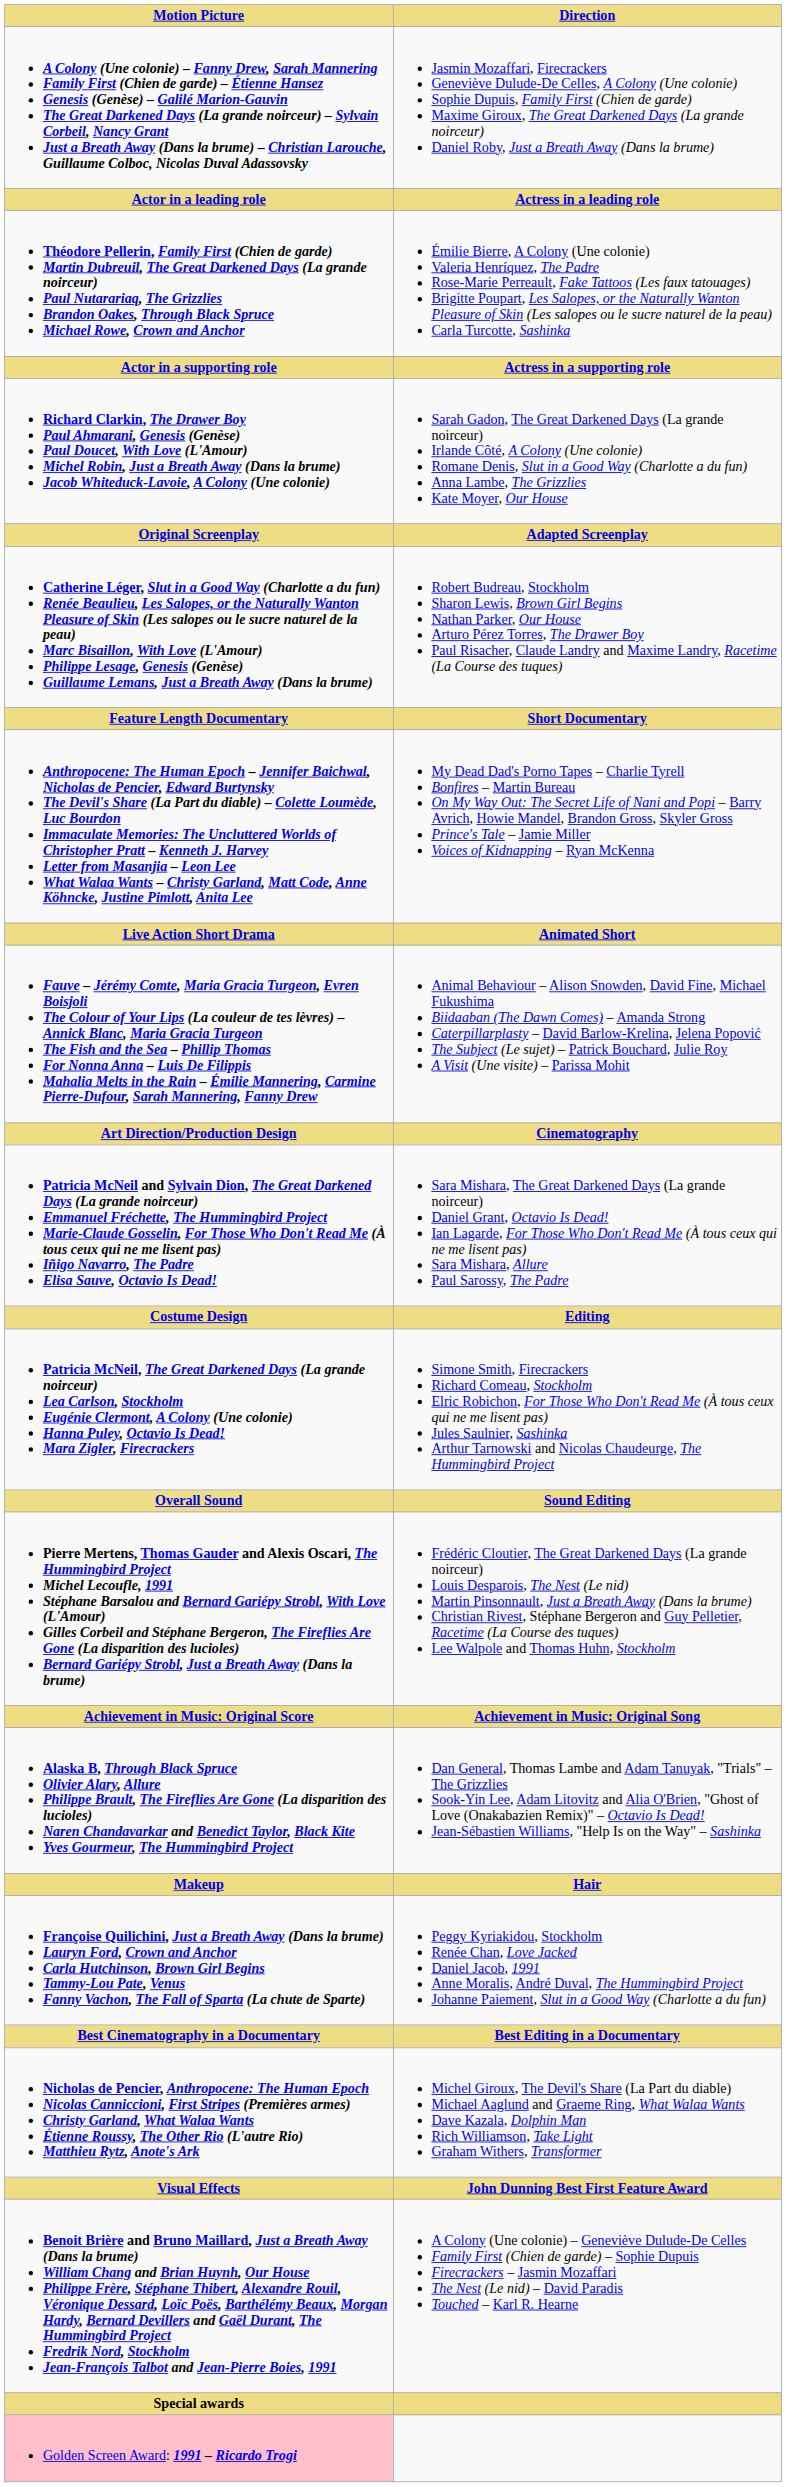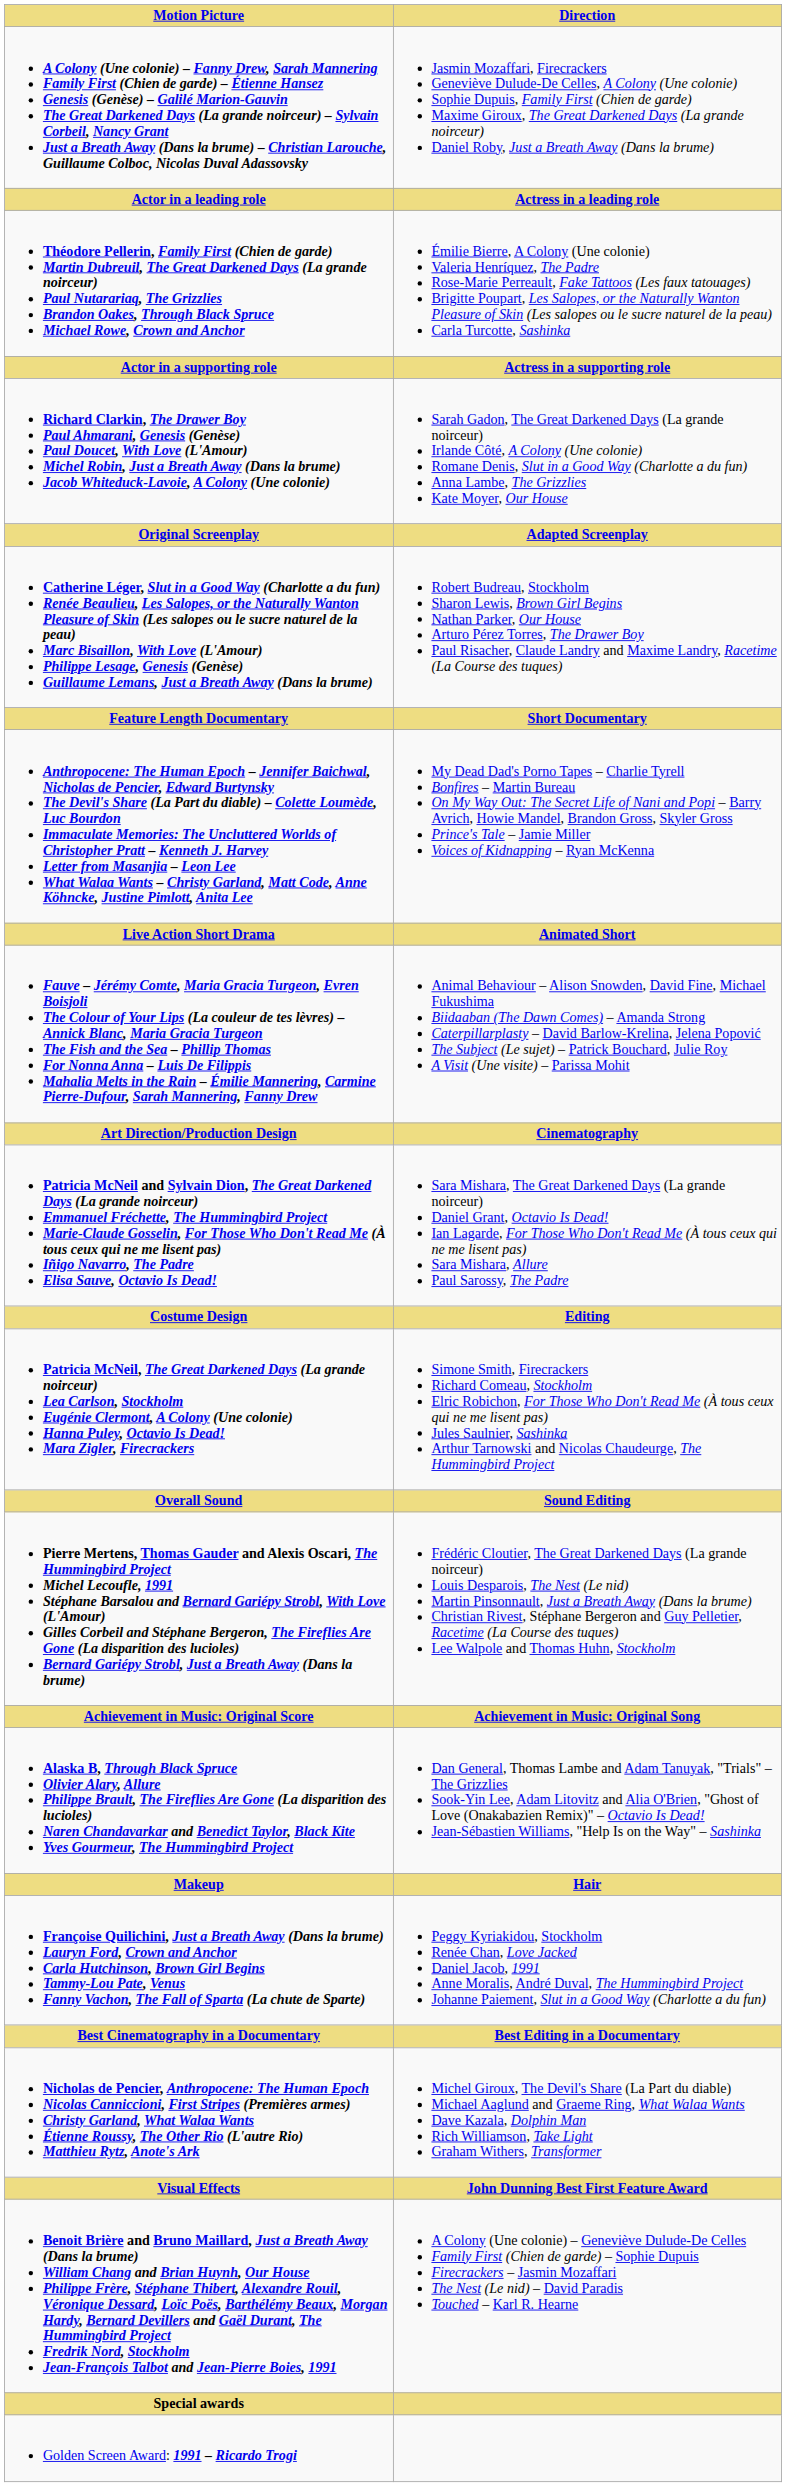 <table class=wikitable width="100%">
 <tr>
 <th style="background:#EEDD82; width:50%"><a href='#'>Motion Picture</a></th>
 <th style="background:#EEDD82; width:50%"><a href='#'>Direction</a></th>
 </tr>
 <tr>
 <td valign="top"><br><ul><li> <strong><em><a href='#'>A Colony</a> (Une colonie)<em> – <a href='#'>Fanny Drew</a>, <a href='#'>Sarah Mannering</a><strong></li><li></em><a href='#'>Family First</a> (Chien de garde)<em> – <a href='#'>Étienne Hansez</a></li><li></em><a href='#'>Genesis</a> (Genèse)<em> – <a href='#'>Galilé Marion-Gauvin</a></li><li></em><a href='#'>The Great Darkened Days</a> (La grande noirceur)<em> – <a href='#'>Sylvain Corbeil</a>, <a href='#'>Nancy Grant</a></li><li></em><a href='#'>Just a Breath Away</a> (Dans la brume)<em> – <a href='#'>Christian Larouche</a>, Guillaume Colboc, Nicolas Duval Adassovsky</li></ul></td>
 <td valign="top"><br><ul><li> </strong><a href='#'>Jasmin Mozaffari</a>, </em><a href='#'>Firecrackers</a></em></strong></li><li><a href='#'>Geneviève Dulude-De Celles</a>, <em><a href='#'>A Colony</a> (Une colonie)</em></li><li><a href='#'>Sophie Dupuis</a>, <em><a href='#'>Family First</a> (Chien de garde)</em></li><li><a href='#'>Maxime Giroux</a>, <em><a href='#'>The Great Darkened Days</a> (La grande noirceur)</em></li><li><a href='#'>Daniel Roby</a>, <em><a href='#'>Just a Breath Away</a> (Dans la brume)</em></li></ul></td>
 </tr>
 <tr>
 <th style="background:#EEDD82; width:50%"><a href='#'>Actor in a leading role</a></th>
 <th style="background:#EEDD82; width:50%"><a href='#'>Actress in a leading role</a></th>
 </tr>
 <tr>
 <td valign="top"><br><ul><li> <strong><a href='#'>Théodore Pellerin</a>, <em><a href='#'>Family First</a> (Chien de garde)<strong><em></li><li><a href='#'>Martin Dubreuil</a>, </em><a href='#'>The Great Darkened Days</a> (La grande noirceur)<em></li><li><a href='#'>Paul Nutarariaq</a>, </em><a href='#'>The Grizzlies</a><em></li><li><a href='#'>Brandon Oakes</a>, </em><a href='#'>Through Black Spruce</a><em></li><li><a href='#'>Michael Rowe</a>, </em><a href='#'>Crown and Anchor</a><em></li></ul></td>
 <td valign="top"><br><ul><li> </strong><a href='#'>Émilie Bierre</a>, </em><a href='#'>A Colony</a> (Une colonie)</em></strong></li><li><a href='#'>Valeria Henríquez</a>, <em><a href='#'>The Padre</a></em></li><li><a href='#'>Rose-Marie Perreault</a>, <em><a href='#'>Fake Tattoos</a> (Les faux tatouages)</em></li><li><a href='#'>Brigitte Poupart</a>, <em><a href='#'>Les Salopes, or the Naturally Wanton Pleasure of Skin</a> (Les salopes ou le sucre naturel de la peau)</em></li><li><a href='#'>Carla Turcotte</a>, <em><a href='#'>Sashinka</a></em></li></ul></td>
 </tr>
 <tr>
 <th style="background:#EEDD82; width:50%"><a href='#'>Actor in a supporting role</a></th>
 <th style="background:#EEDD82; width:50%"><a href='#'>Actress in a supporting role</a></th>
 </tr>
 <tr>
 <td valign="top"><br><ul><li> <strong><a href='#'>Richard Clarkin</a>, <em><a href='#'>The Drawer Boy</a><strong><em></li><li><a href='#'>Paul Ahmarani</a>, </em><a href='#'>Genesis</a> (Genèse)<em></li><li><a href='#'>Paul Doucet</a>, </em><a href='#'>With Love</a> (L'Amour)<em></li><li><a href='#'>Michel Robin</a>, </em><a href='#'>Just a Breath Away</a> (Dans la brume)<em></li><li><a href='#'>Jacob Whiteduck-Lavoie</a>, </em><a href='#'>A Colony</a> (Une colonie)<em></li></ul></td>
 <td valign="top"><br><ul><li> </strong><a href='#'>Sarah Gadon</a>, </em><a href='#'>The Great Darkened Days</a> (La grande noirceur)</em></strong></li><li><a href='#'>Irlande Côté</a>, <em><a href='#'>A Colony</a> (Une colonie)</em></li><li><a href='#'>Romane Denis</a>, <em><a href='#'>Slut in a Good Way</a> (Charlotte a du fun)</em></li><li><a href='#'>Anna Lambe</a>, <em><a href='#'>The Grizzlies</a></em></li><li><a href='#'>Kate Moyer</a>, <em><a href='#'>Our House</a></em></li></ul></td>
 </tr>
 <tr>
 <th style="background:#EEDD82; width:50%"><a href='#'>Original Screenplay</a></th>
 <th style="background:#EEDD82; width:50%"><a href='#'>Adapted Screenplay</a></th>
 </tr>
 <tr>
 <td valign="top"><br><ul><li> <strong><a href='#'>Catherine Léger</a>, <em><a href='#'>Slut in a Good Way</a> (Charlotte a du fun)<strong><em></li><li><a href='#'>Renée Beaulieu</a>, </em><a href='#'>Les Salopes, or the Naturally Wanton Pleasure of Skin</a> (Les salopes ou le sucre naturel de la peau)<em></li><li><a href='#'>Marc Bisaillon</a>, </em><a href='#'>With Love</a> (L'Amour)<em></li><li><a href='#'>Philippe Lesage</a>, </em><a href='#'>Genesis</a> (Genèse)<em></li><li><a href='#'>Guillaume Lemans</a>, </em><a href='#'>Just a Breath Away</a> (Dans la brume)<em></li></ul></td>
 <td valign="top"><br><ul><li> </strong><a href='#'>Robert Budreau</a>, </em><a href='#'>Stockholm</a></em></strong></li><li><a href='#'>Sharon Lewis</a>, <em><a href='#'>Brown Girl Begins</a></em></li><li><a href='#'>Nathan Parker</a>, <em><a href='#'>Our House</a></em></li><li><a href='#'>Arturo Pérez Torres</a>, <em><a href='#'>The Drawer Boy</a></em></li><li><a href='#'>Paul Risacher</a>, <a href='#'>Claude Landry</a> and <a href='#'>Maxime Landry</a>, <em><a href='#'>Racetime</a> (La Course des tuques)</em></li></ul></td>
 </tr>
 <tr>
 <th style="background:#EEDD82; width:50%"><a href='#'>Feature Length Documentary</a></th>
 <th style="background:#EEDD82; width:50%"><a href='#'>Short Documentary</a></th>
 </tr>
 <tr>
 <td valign="top"><br><ul><li> <strong><em><a href='#'>Anthropocene: The Human Epoch</a><em> – <a href='#'>Jennifer Baichwal</a>, <a href='#'>Nicholas de Pencier</a>, <a href='#'>Edward Burtynsky</a><strong></li><li></em><a href='#'>The Devil's Share</a> (La Part du diable)<em> – <a href='#'>Colette Loumède</a>, <a href='#'>Luc Bourdon</a></li><li></em><a href='#'>Immaculate Memories: The Uncluttered Worlds of Christopher Pratt</a><em> – <a href='#'>Kenneth J. Harvey</a></li><li></em><a href='#'>Letter from Masanjia</a><em> – <a href='#'>Leon Lee</a></li><li></em><a href='#'>What Walaa Wants</a><em> – <a href='#'>Christy Garland</a>, <a href='#'>Matt Code</a>, <a href='#'>Anne Köhncke</a>, <a href='#'>Justine Pimlott</a>, <a href='#'>Anita Lee</a></li></ul></td>
 <td valign="top"><br><ul><li> </em></strong><a href='#'>My Dead Dad's Porno Tapes</a></em> – <a href='#'>Charlie Tyrell</a></strong></li><li><em><a href='#'>Bonfires</a></em> – <a href='#'>Martin Bureau</a></li><li><em><a href='#'>On My Way Out: The Secret Life of Nani and Popi</a></em> – <a href='#'>Barry Avrich</a>, <a href='#'>Howie Mandel</a>, <a href='#'>Brandon Gross</a>, <a href='#'>Skyler Gross</a></li><li><em><a href='#'>Prince's Tale</a></em> – <a href='#'>Jamie Miller</a></li><li><em><a href='#'>Voices of Kidnapping</a></em> – <a href='#'>Ryan McKenna</a></li></ul></td>
 </tr>
 <tr>
 <th style="background:#EEDD82; width:50%"><a href='#'>Live Action Short Drama</a></th>
 <th style="background:#EEDD82; width:50%"><a href='#'>Animated Short</a></th>
 </tr>
 <tr>
 <td valign="top"><br><ul><li> <strong><em><a href='#'>Fauve</a><em> – <a href='#'>Jérémy Comte</a>, <a href='#'>Maria Gracia Turgeon</a>, <a href='#'>Evren Boisjoli</a><strong></li><li></em><a href='#'>The Colour of Your Lips</a> (La couleur de tes lèvres)<em> – <a href='#'>Annick Blanc</a>, <a href='#'>Maria Gracia Turgeon</a></li><li></em><a href='#'>The Fish and the Sea</a><em> – <a href='#'>Phillip Thomas</a></li><li></em><a href='#'>For Nonna Anna</a><em> – <a href='#'>Luis De Filippis</a></li><li></em><a href='#'>Mahalia Melts in the Rain</a><em> – <a href='#'>Émilie Mannering</a>, <a href='#'>Carmine Pierre-Dufour</a>, <a href='#'>Sarah Mannering</a>, <a href='#'>Fanny Drew</a></li></ul></td>
 <td valign="top"><br><ul><li> </em></strong><a href='#'>Animal Behaviour</a></em> – <a href='#'>Alison Snowden</a>, <a href='#'>David Fine</a>, <a href='#'>Michael Fukushima</a></strong></li><li><em><a href='#'>Biidaaban (The Dawn Comes)</a></em> – <a href='#'>Amanda Strong</a></li><li><em><a href='#'>Caterpillarplasty</a></em> – <a href='#'>David Barlow-Krelina</a>, <a href='#'>Jelena Popović</a></li><li><em><a href='#'>The Subject</a> (Le sujet)</em> – <a href='#'>Patrick Bouchard</a>, <a href='#'>Julie Roy</a></li><li><em><a href='#'>A Visit</a> (Une visite)</em> – <a href='#'>Parissa Mohit</a></li></ul></td>
 </tr>
 <tr>
 <th style="background:#EEDD82; width:50%"><a href='#'>Art Direction/Production Design</a></th>
 <th style="background:#EEDD82; width:50%"><a href='#'>Cinematography</a></th>
 </tr>
 <tr>
 <td valign="top"><br><ul><li> <strong><a href='#'>Patricia McNeil</a> and <a href='#'>Sylvain Dion</a>, <em><a href='#'>The Great Darkened Days</a> (La grande noirceur)<strong><em></li><li><a href='#'>Emmanuel Fréchette</a>, </em><a href='#'>The Hummingbird Project</a><em></li><li><a href='#'>Marie-Claude Gosselin</a>, </em><a href='#'>For Those Who Don't Read Me</a> (À tous ceux qui ne me lisent pas)<em></li><li><a href='#'>Iñigo Navarro</a>, </em><a href='#'>The Padre</a><em></li><li><a href='#'>Elisa Sauve</a>, </em><a href='#'>Octavio Is Dead!</a><em></li></ul></td>
 <td valign="top"><br><ul><li> </strong><a href='#'>Sara Mishara</a>, </em><a href='#'>The Great Darkened Days</a> (La grande noirceur)</em></strong></li><li><a href='#'>Daniel Grant</a>, <em><a href='#'>Octavio Is Dead!</a></em></li><li><a href='#'>Ian Lagarde</a>, <em><a href='#'>For Those Who Don't Read Me</a> (À tous ceux qui ne me lisent pas)</em></li><li><a href='#'>Sara Mishara</a>, <em><a href='#'>Allure</a></em></li><li><a href='#'>Paul Sarossy</a>, <em><a href='#'>The Padre</a></em></li></ul></td>
 </tr>
 <tr>
 <th style="background:#EEDD82; width:50%"><a href='#'>Costume Design</a></th>
 <th style="background:#EEDD82; width:50%"><a href='#'>Editing</a></th>
 </tr>
 <tr>
 <td valign="top"><br><ul><li> <strong><a href='#'>Patricia McNeil</a>, <em><a href='#'>The Great Darkened Days</a> (La grande noirceur)<strong><em></li><li><a href='#'>Lea Carlson</a>, </em><a href='#'>Stockholm</a><em></li><li><a href='#'>Eugénie Clermont</a>, </em><a href='#'>A Colony</a> (Une colonie)<em></li><li><a href='#'>Hanna Puley</a>, </em><a href='#'>Octavio Is Dead!</a><em></li><li><a href='#'>Mara Zigler</a>, </em><a href='#'>Firecrackers</a><em></li></ul></td>
 <td valign="top"><br><ul><li> </strong><a href='#'>Simone Smith</a>, </em><a href='#'>Firecrackers</a></em></strong></li><li><a href='#'>Richard Comeau</a>, <em><a href='#'>Stockholm</a></em></li><li><a href='#'>Elric Robichon</a>, <em><a href='#'>For Those Who Don't Read Me</a> (À tous ceux qui ne me lisent pas)</em></li><li><a href='#'>Jules Saulnier</a>, <em><a href='#'>Sashinka</a></em></li><li><a href='#'>Arthur Tarnowski</a> and <a href='#'>Nicolas Chaudeurge</a>, <em><a href='#'>The Hummingbird Project</a></em></li></ul></td>
 </tr>
 <tr>
 <th style="background:#EEDD82; width:50%"><a href='#'>Overall Sound</a></th>
 <th style="background:#EEDD82; width:50%"><a href='#'>Sound Editing</a></th>
 </tr>
 <tr>
 <td valign="top"><br><ul><li> <strong>Pierre Mertens, <a href='#'>Thomas Gauder</a> and Alexis Oscari, <em><a href='#'>The Hummingbird Project</a><strong><em></li><li>Michel Lecoufle, </em><a href='#'>1991</a><em></li><li>Stéphane Barsalou and <a href='#'>Bernard Gariépy Strobl</a>, </em><a href='#'>With Love</a> (L'Amour)<em></li><li>Gilles Corbeil and Stéphane Bergeron, </em><a href='#'>The Fireflies Are Gone</a> (La disparition des lucioles)<em></li><li><a href='#'>Bernard Gariépy Strobl</a>, </em><a href='#'>Just a Breath Away</a> (Dans la brume)<em></li></ul></td>
 <td valign="top"><br><ul><li> </strong><a href='#'>Frédéric Cloutier</a>, </em><a href='#'>The Great Darkened Days</a> (La grande noirceur)</em></strong></li><li><a href='#'>Louis Desparois</a>, <em><a href='#'>The Nest</a> (Le nid)</em></li><li><a href='#'>Martin Pinsonnault</a>, <em><a href='#'>Just a Breath Away</a> (Dans la brume)</em></li><li><a href='#'>Christian Rivest</a>, Stéphane Bergeron and <a href='#'>Guy Pelletier</a>, <em><a href='#'>Racetime</a> (La Course des tuques)</em></li><li><a href='#'>Lee Walpole</a> and <a href='#'>Thomas Huhn</a>, <em><a href='#'>Stockholm</a></em></li></ul></td>
 </tr>
 <tr>
 <th style="background:#EEDD82; width:50%"><a href='#'>Achievement in Music: Original Score</a></th>
 <th style="background:#EEDD82; width:50%"><a href='#'>Achievement in Music: Original Song</a></th>
 </tr>
 <tr>
 <td valign="top"><br><ul><li> <strong><a href='#'>Alaska B</a>, <em><a href='#'>Through Black Spruce</a><strong><em></li><li><a href='#'>Olivier Alary</a>, </em><a href='#'>Allure</a><em></li><li><a href='#'>Philippe Brault</a>, </em><a href='#'>The Fireflies Are Gone</a> (La disparition des lucioles)<em></li><li><a href='#'>Naren Chandavarkar</a> and <a href='#'>Benedict Taylor</a>, </em><a href='#'>Black Kite</a><em></li><li><a href='#'>Yves Gourmeur</a>, </em><a href='#'>The Hummingbird Project</a><em></li></ul></td>
 <td valign="top"><br><ul><li> </strong><a href='#'>Dan General</a>, Thomas Lambe and <a href='#'>Adam Tanuyak</a>, "Trials" – </em><a href='#'>The Grizzlies</a></em></strong></li><li><a href='#'>Sook-Yin Lee</a>, <a href='#'>Adam Litovitz</a> and <a href='#'>Alia O'Brien</a>, "Ghost of Love (Onakabazien Remix)" – <em><a href='#'>Octavio Is Dead!</a></em></li><li><a href='#'>Jean-Sébastien Williams</a>, "Help Is on the Way" – <em><a href='#'>Sashinka</a></em></li></ul></td>
 </tr>
 <tr>
 <th style="background:#EEDD82; width:50%"><a href='#'>Makeup</a></th>
 <th style="background:#EEDD82; width:50%"><a href='#'>Hair</a></th>
 </tr>
 <tr>
 <td valign="top"><br><ul><li> <strong><a href='#'>Françoise Quilichini</a>, <em><a href='#'>Just a Breath Away</a> (Dans la brume)<strong><em></li><li><a href='#'>Lauryn Ford</a>, </em><a href='#'>Crown and Anchor</a><em></li><li><a href='#'>Carla Hutchinson</a>, </em><a href='#'>Brown Girl Begins</a><em></li><li><a href='#'>Tammy-Lou Pate</a>, </em><a href='#'>Venus</a><em></li><li><a href='#'>Fanny Vachon</a>, </em><a href='#'>The Fall of Sparta</a> (La chute de Sparte)<em></li></ul></td>
 <td valign="top"><br><ul><li> </strong><a href='#'>Peggy Kyriakidou</a>, </em><a href='#'>Stockholm</a></em></strong></li><li><a href='#'>Renée Chan</a>, <em><a href='#'>Love Jacked</a></em></li><li><a href='#'>Daniel Jacob</a>, <em><a href='#'>1991</a></em></li><li><a href='#'>Anne Moralis</a>, <a href='#'>André Duval</a>, <em><a href='#'>The Hummingbird Project</a></em></li><li><a href='#'>Johanne Paiement</a>, <em><a href='#'>Slut in a Good Way</a> (Charlotte a du fun)</em></li></ul></td>
 </tr>
 <tr>
 <th style="background:#EEDD82; width:50%"><a href='#'>Best Cinematography in a Documentary</a></th>
 <th style="background:#EEDD82; width:50%"><a href='#'>Best Editing in a Documentary</a></th>
 </tr>
 <tr>
 <td valign="top"><br><ul><li> <strong><a href='#'>Nicholas de Pencier</a>, <em><a href='#'>Anthropocene: The Human Epoch</a><strong><em></li><li><a href='#'>Nicolas Canniccioni</a>, </em><a href='#'>First Stripes</a> (Premières armes)<em></li><li><a href='#'>Christy Garland</a>, </em><a href='#'>What Walaa Wants</a><em></li><li><a href='#'>Étienne Roussy</a>, </em><a href='#'>The Other Rio</a> (L'autre Rio)<em></li><li><a href='#'>Matthieu Rytz</a>, </em><a href='#'>Anote's Ark</a><em></li></ul></td>
 <td valign="top"><br><ul><li> </strong><a href='#'>Michel Giroux</a>, </em><a href='#'>The Devil's Share</a> (La Part du diable)</em></strong></li><li><a href='#'>Michael Aaglund</a> and <a href='#'>Graeme Ring</a>, <em><a href='#'>What Walaa Wants</a></em></li><li><a href='#'>Dave Kazala</a>, <em><a href='#'>Dolphin Man</a></em></li><li><a href='#'>Rich Williamson</a>, <em><a href='#'>Take Light</a></em></li><li><a href='#'>Graham Withers</a>, <em><a href='#'>Transformer</a></em></li></ul></td>
 </tr>
 <tr>
 <th style="background:#EEDD82; width:50%"><a href='#'>Visual Effects</a></th>
 <th style="background:#EEDD82; width:50%"><a href='#'>John Dunning Best First Feature Award</a></th>
 </tr>
 <tr>
 <td valign="top"><br><ul><li> <strong><a href='#'>Benoit Brière</a> and <a href='#'>Bruno Maillard</a>, <em><a href='#'>Just a Breath Away</a> (Dans la brume)<strong><em></li><li><a href='#'>William Chang</a> and <a href='#'>Brian Huynh</a>, </em><a href='#'>Our House</a><em></li><li><a href='#'>Philippe Frère</a>, <a href='#'>Stéphane Thibert</a>, <a href='#'>Alexandre Rouil</a>, <a href='#'>Véronique Dessard</a>, <a href='#'>Loïc Poës</a>, <a href='#'>Barthélémy Beaux</a>, <a href='#'>Morgan Hardy</a>, <a href='#'>Bernard Devillers</a> and <a href='#'>Gaël Durant</a>, </em><a href='#'>The Hummingbird Project</a><em></li><li><a href='#'>Fredrik Nord</a>, </em><a href='#'>Stockholm</a><em></li><li><a href='#'>Jean-François Talbot</a> and <a href='#'>Jean-Pierre Boies</a>, </em><a href='#'>1991</a><em></li></ul></td>
 <td valign="top"><br><ul><li> </em></strong><a href='#'>A Colony</a> (Une colonie)</em> – <a href='#'>Geneviève Dulude-De Celles</a></strong></li><li><em><a href='#'>Family First</a> (Chien de garde)</em> – <a href='#'>Sophie Dupuis</a></li><li><em><a href='#'>Firecrackers</a></em> – <a href='#'>Jasmin Mozaffari</a></li><li><em><a href='#'>The Nest</a> (Le nid)</em> – <a href='#'>David Paradis</a></li><li><em><a href='#'>Touched</a></em> – <a href='#'>Karl R. Hearne</a></li></ul></td>
 </tr>
 <tr>
 <th style="background:#EEDD82; width:50%">Special awards</th>
 <th style="background:#EEDD82; width:50%"></th>
 </tr>
 <tr>
-<td valign="top" style="background: pink;"><br><ul><li><a href='#'>Golden Screen Award</a>:  <strong><em><a href='#'>1991</a><em> – <a href='#'>Ricardo Trogi</a><strong></li></ul></td>
+<td valign="top"><br><ul><li><a href='#'>Golden Screen Award</a>:  <strong><em><a href='#'>1991</a><em> – <a href='#'>Ricardo Trogi</a><strong></li></ul></td>
 </tr>
 </table>
